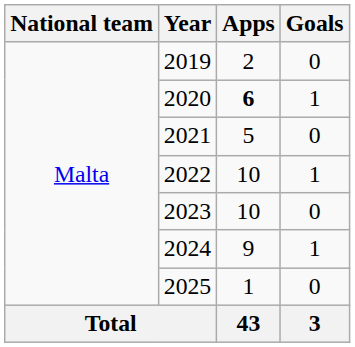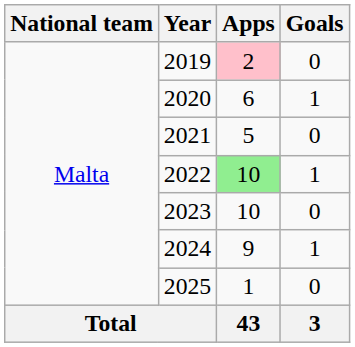 <table class="wikitable" style="text-align:center">
 <tr>
 <th>National team</th>
 <th>Year</th>
 <th>Apps</th>
 <th>Goals</th>
 </tr>
 <tr>
 <td rowspan="7"><a href='#'>Malta</a></td>
 <td>2019</td>
-<td>2</td>
+<td style="background: pink;">2</td>
 <td>0</td>
 </tr>
 <tr>
 <td>2020</td>
-<td><strong>6</strong></td>
+<td>6</td>
 <td>1</td>
 </tr>
 <tr>
 <td>2021</td>
 <td>5</td>
 <td>0</td>
 </tr>
 <tr>
 <td>2022</td>
-<td>10</td>
+<td style="background: lightgreen;">10</td>
 <td>1</td>
 </tr>
 <tr>
 <td>2023</td>
 <td>10</td>
 <td>0</td>
 </tr>
 <tr>
 <td>2024</td>
 <td>9</td>
 <td>1</td>
 </tr>
 <tr>
 <td>2025</td>
 <td>1</td>
 <td>0</td>
 </tr>
 <tr>
 <th colspan="2">Total</th>
 <th>43</th>
 <th>3</th>
 </tr>
 </table>
